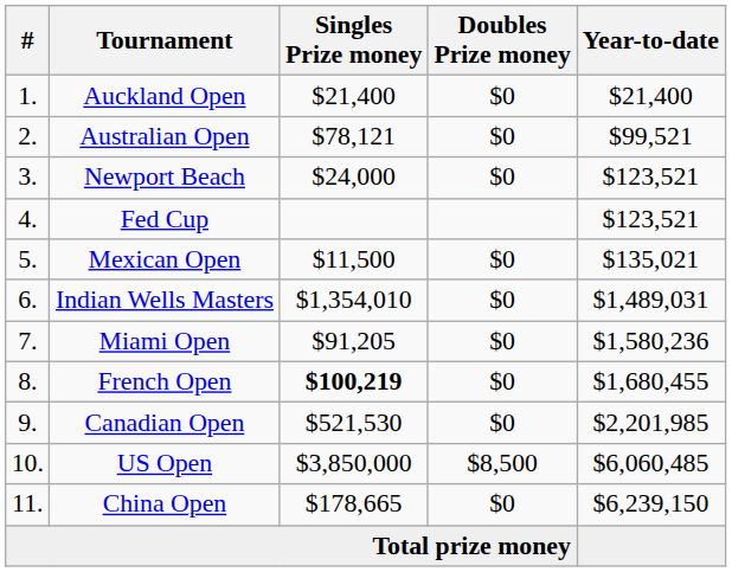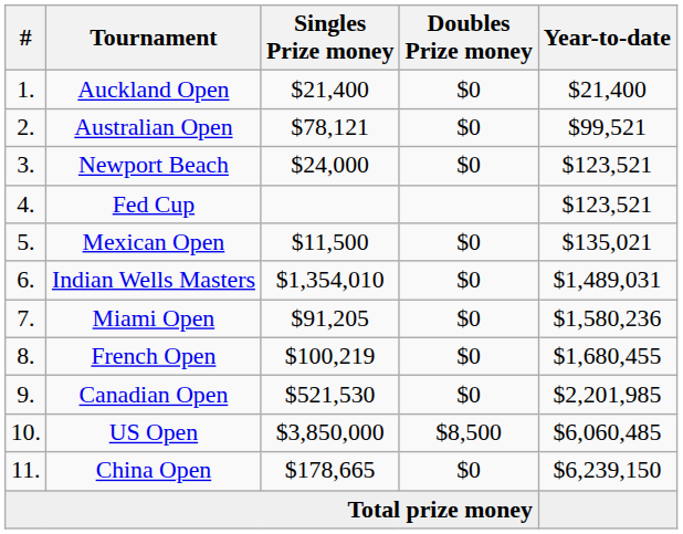 <table class="wikitable sortable" style=text-align:center>
 <tr>
 <th>#</th>
 <th>Tournament</th>
 <th>Singles<br>Prize money</th>
 <th>Doubles<br>Prize money</th>
 <th>Year-to-date</th>
 </tr>
 <tr>
 <td>1.</td>
 <td><a href='#'>Auckland Open</a></td>
 <td>$21,400</td>
 <td>$0</td>
 <td>$21,400</td>
 </tr>
 <tr>
 <td>2.</td>
 <td><a href='#'>Australian Open</a></td>
 <td>$78,121</td>
 <td>$0</td>
 <td>$99,521</td>
 </tr>
 <tr>
 <td>3.</td>
 <td><a href='#'>Newport Beach</a></td>
 <td>$24,000</td>
 <td>$0</td>
 <td>$123,521</td>
 </tr>
 <tr>
 <td>4.</td>
 <td><a href='#'>Fed Cup</a></td>
 <td></td>
 <td></td>
 <td>$123,521</td>
 </tr>
 <tr>
 <td>5.</td>
 <td><a href='#'>Mexican Open</a></td>
 <td>$11,500</td>
 <td>$0</td>
 <td>$135,021</td>
 </tr>
 <tr>
 <td>6.</td>
 <td><a href='#'>Indian Wells Masters</a></td>
 <td>$1,354,010</td>
 <td>$0</td>
 <td>$1,489,031</td>
 </tr>
 <tr>
 <td>7.</td>
 <td><a href='#'>Miami Open</a></td>
 <td>$91,205</td>
 <td>$0</td>
 <td>$1,580,236</td>
 </tr>
 <tr>
 <td>8.</td>
 <td><a href='#'>French Open</a></td>
-<td><strong>$100,219</strong></td>
+<td>$100,219</td>
 <td>$0</td>
 <td>$1,680,455</td>
 </tr>
 <tr>
 <td>9.</td>
 <td><a href='#'>Canadian Open</a></td>
 <td>$521,530</td>
 <td>$0</td>
 <td>$2,201,985</td>
 </tr>
 <tr>
 <td>10.</td>
 <td><a href='#'>US Open</a></td>
 <td>$3,850,000</td>
 <td>$8,500</td>
 <td>$6,060,485</td>
 </tr>
 <tr>
 <td>11.</td>
 <td><a href='#'>China Open</a></td>
 <td>$178,665</td>
 <td>$0</td>
 <td>$6,239,150</td>
 </tr>
 <tr style="background:#efefef">
 <td colspan=4 align=right><strong>Total prize money</strong></td>
 <td><strong></strong></td>
 </tr>
 </table>
